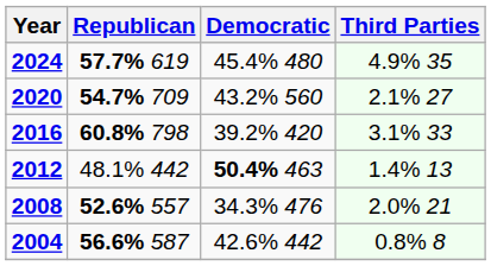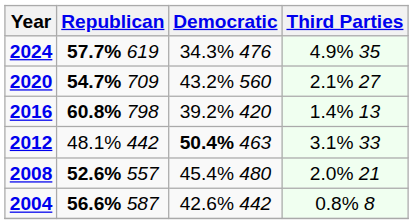 <table class="wikitable" style="float:right; font-size:95%;">
 <tr bgcolor=lightgrey>
 <th>Year</th>
 <th><a href='#'>Republican</a></th>
 <th><a href='#'>Democratic</a></th>
 <th><a href='#'>Third Parties</a></th>
 </tr>
 <tr>
 <td style="text-align:center; "><strong><a href='#'>2024</a></strong></td>
 <td style="text-align:center; "><strong>57.7%</strong> <em>619</em></td>
-<td style="text-align:center; ">45.4%  <em>480</em></td>
+<td style="text-align:center; ">34.3%  <em>476</em></td>
 <td style="text-align:center; background:honeyDew;">4.9% <em>35</em></td>
 </tr>
 <tr>
 <td style="text-align:center; "><strong><a href='#'>2020</a></strong></td>
 <td style="text-align:center; "><strong>54.7%</strong> <em>709</em></td>
 <td style="text-align:center; ">43.2%  <em>560</em></td>
 <td style="text-align:center; background:honeyDew;">2.1% <em>27</em></td>
 </tr>
 <tr>
 <td style="text-align:center; "><strong><a href='#'>2016</a></strong></td>
 <td style="text-align:center; "><strong>60.8%</strong> <em>798</em></td>
 <td style="text-align:center; ">39.2%  <em>420</em></td>
-<td style="text-align:center; background:honeyDew;">3.1% <em>33</em></td>
+<td style="text-align:center; background:honeyDew;">1.4% <em>13</em></td>
 </tr>
 <tr>
 <td style="text-align:center; "><strong><a href='#'>2012</a></strong></td>
 <td style="text-align:center; ">48.1% <em>442</em></td>
 <td style="text-align:center; "><strong>50.4%</strong>  <em>463</em></td>
-<td style="text-align:center; background:honeyDew;">1.4% <em>13</em></td>
+<td style="text-align:center; background:honeyDew;">3.1% <em>33</em></td>
 </tr>
 <tr>
 <td style="text-align:center; "><strong><a href='#'>2008</a></strong></td>
 <td style="text-align:center; "><strong>52.6%</strong> <em>557</em></td>
-<td style="text-align:center; ">34.3%  <em>476</em></td>
+<td style="text-align:center; ">45.4%  <em>480</em></td>
 <td style="text-align:center; background:honeyDew;">2.0% <em>21</em></td>
 </tr>
 <tr>
 <td style="text-align:center; "><strong><a href='#'>2004</a></strong></td>
 <td style="text-align:center; "><strong>56.6%</strong> <em>587</em></td>
 <td style="text-align:center; ">42.6%  <em>442</em></td>
 <td style="text-align:center; background:honeyDew;">0.8% <em>8</em></td>
 </tr>
 <tr>
 </tr>
 </table>
